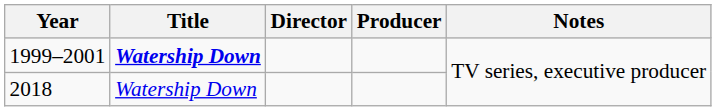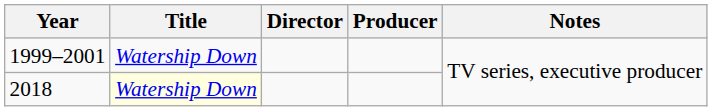 <table class="wikitable">
 <tr>
 <th>Year</th>
 <th>Title</th>
 <th>Director</th>
 <th>Producer</th>
 <th>Notes</th>
 </tr>
 <tr>
 <td>1999–2001</td>
-<td><strong><em><a href='#'>Watership Down</a></em></strong></td>
+<td><em><a href='#'>Watership Down</a></em></td>
 <td></td>
 <td></td>
 <td rowspan="2">TV series, executive producer</td>
 </tr>
 <tr>
 <td>2018</td>
-<td><em><a href='#'>Watership Down</a></em></td>
+<td style="background: lightyellow;"><em><a href='#'>Watership Down</a></em></td>
 <td></td>
 <td></td>
 </tr>
 </table>
